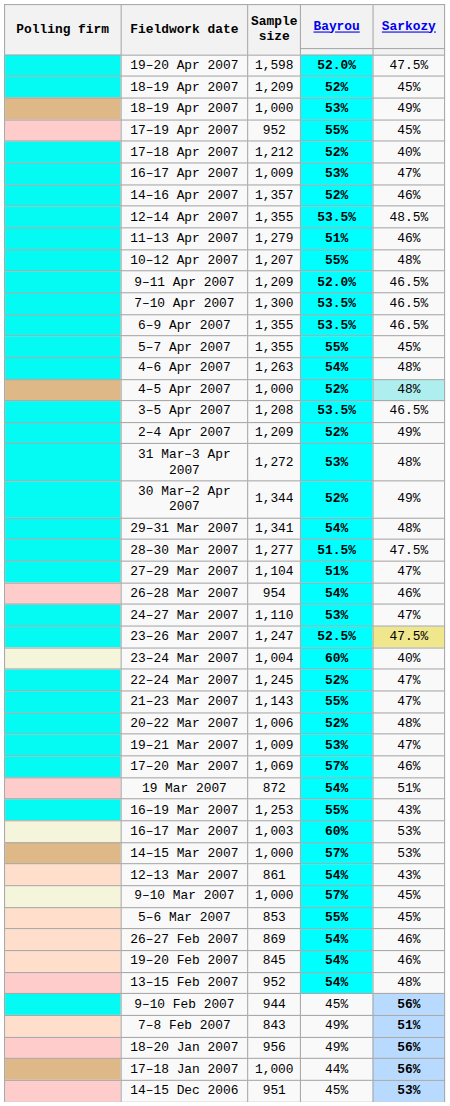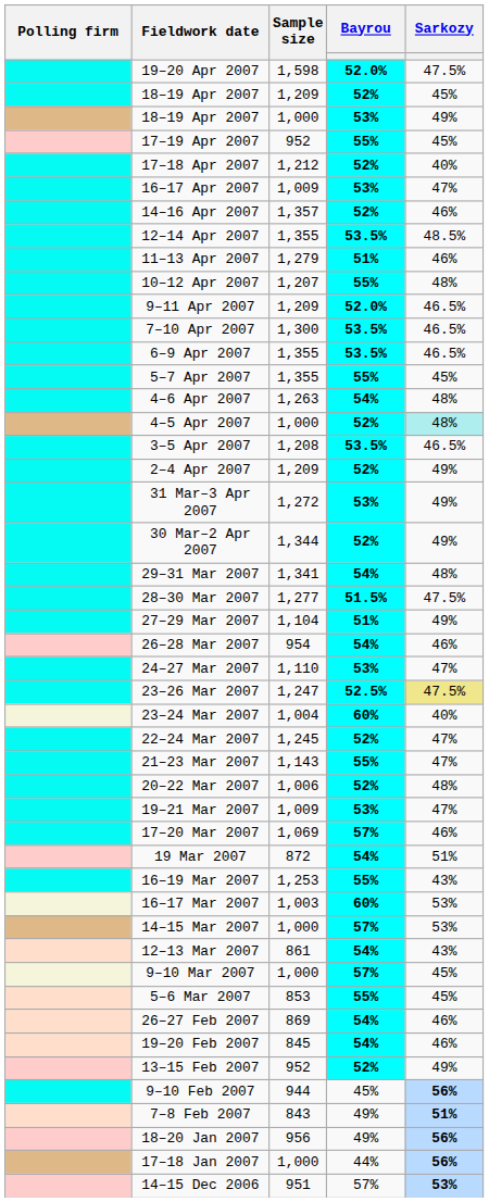 <table class="wikitable sortable" style="text-align:center;font-size:90%;line-height:14px;">
 <tr style="height:40px;">
 <th style="width:100px;" rowspan="2">Polling firm</th>
 <th style="width:110px;" rowspan="2">Fieldwork date</th>
 <th style="width:35px;" rowspan="2">Sample<br>size</th>
 <th class="unsortable" style="width:60px;"><a href='#'>Bayrou</a><br></th>
 <th class="unsortable" style="width:60px;"><a href='#'>Sarkozy</a><br></th>
 </tr>
 <tr>
 <th style="background:"></th>
 <th style="background:"></th>
 </tr>
 <tr>
 <td style="background:#04FBF4;"></td>
 <td data-sort-value="2007-04-20">19–20 Apr 2007</td>
 <td>1,598</td>
 <td style="background:#00FFFF;"><strong>52.0%</strong></td>
 <td>47.5%</td>
 </tr>
 <tr>
 <td style="background:#04FBF4;"></td>
 <td data-sort-value="2007-04-19">18–19 Apr 2007</td>
 <td>1,209</td>
 <td style="background:#00FFFF;"><strong>52%</strong></td>
 <td>45%</td>
 </tr>
 <tr>
 <td style="background:burlywood;"></td>
 <td data-sort-value="2007-04-19">18–19 Apr 2007</td>
 <td>1,000</td>
 <td style="background:#00FFFF;"><strong>53%</strong></td>
 <td>49%</td>
 </tr>
 <tr>
 <td style="background:#FFCCCC;"></td>
 <td data-sort-value="2007-04-19">17–19 Apr 2007</td>
 <td>952</td>
 <td style="background:#00FFFF;"><strong>55%</strong></td>
 <td>45%</td>
 </tr>
 <tr>
 <td style="background:#04FBF4;"></td>
 <td data-sort-value="2007-04-18">17–18 Apr 2007</td>
 <td>1,212</td>
 <td style="background:#00FFFF;"><strong>52%</strong></td>
 <td>40%</td>
 </tr>
 <tr>
 <td style="background:#04FBF4;"></td>
 <td data-sort-value="2007-04-17">16–17 Apr 2007</td>
 <td>1,009</td>
 <td style="background:#00FFFF;"><strong>53%</strong></td>
 <td>47%</td>
 </tr>
 <tr>
 <td style="background:#04FBF4;"></td>
 <td data-sort-value="2007-04-16">14–16 Apr 2007</td>
 <td>1,357</td>
 <td style="background:#00FFFF;"><strong>52%</strong></td>
 <td>46%</td>
 </tr>
 <tr>
 <td style="background:#04FBF4;"></td>
 <td data-sort-value="2007-04-14">12–14 Apr 2007</td>
 <td>1,355</td>
 <td style="background:#00FFFF;"><strong>53.5%</strong></td>
 <td>48.5%</td>
 </tr>
 <tr>
 <td style="background:#04FBF4;"></td>
 <td data-sort-value="2007-04-13">11–13 Apr 2007</td>
 <td>1,279</td>
 <td style="background:#00FFFF;"><strong>51%</strong></td>
 <td>46%</td>
 </tr>
 <tr>
 <td style="background:#04FBF4;"></td>
 <td data-sort-value="2007-04-12">10–12 Apr 2007</td>
 <td>1,207</td>
 <td style="background:#00FFFF;"><strong>55%</strong></td>
 <td>48%</td>
 </tr>
 <tr>
 <td style="background:#04FBF4;"></td>
 <td data-sort-value="2007-04-11">9–11 Apr 2007</td>
 <td>1,209</td>
 <td style="background:#00FFFF;"><strong>52.0%</strong></td>
 <td>46.5%</td>
 </tr>
 <tr>
 <td style="background:#04FBF4;"></td>
 <td data-sort-value="2007-04-10">7–10 Apr 2007</td>
 <td>1,300</td>
 <td style="background:#00FFFF;"><strong>53.5%</strong></td>
 <td>46.5%</td>
 </tr>
 <tr>
 <td style="background:#04FBF4;"></td>
 <td data-sort-value="2007-04-09">6–9 Apr 2007</td>
 <td>1,355</td>
 <td style="background:#00FFFF;"><strong>53.5%</strong></td>
 <td>46.5%</td>
 </tr>
 <tr>
 <td style="background:#04FBF4;"></td>
 <td data-sort-value="2007-04-07">5–7 Apr 2007</td>
 <td>1,355</td>
 <td style="background:#00FFFF;"><strong>55%</strong></td>
 <td>45%</td>
 </tr>
 <tr>
 <td style="background:#04FBF4;"></td>
 <td data-sort-value="2007-04-06">4–6 Apr 2007</td>
 <td>1,263</td>
 <td style="background:#00FFFF;"><strong>54%</strong></td>
 <td>48%</td>
 </tr>
 <tr>
 <td style="background:burlywood;"></td>
 <td data-sort-value="2007-04-05">4–5 Apr 2007</td>
 <td>1,000</td>
 <td style="background:#00FFFF;"><strong>52%</strong></td>
 <td style="background: paleturquoise;">48%</td>
 </tr>
 <tr>
 <td style="background:#04FBF4;"></td>
 <td data-sort-value="2007-04-05">3–5 Apr 2007</td>
 <td>1,208</td>
 <td style="background:#00FFFF;"><strong>53.5%</strong></td>
 <td>46.5%</td>
 </tr>
 <tr>
 <td style="background:#04FBF4;"></td>
 <td data-sort-value="2007-04-04">2–4 Apr 2007</td>
 <td>1,209</td>
 <td style="background:#00FFFF;"><strong>52%</strong></td>
 <td>49%</td>
 </tr>
 <tr>
 <td style="background:#04FBF4;"></td>
 <td data-sort-value="2007-04-03">31 Mar–3 Apr 2007</td>
 <td>1,272</td>
 <td style="background:#00FFFF;"><strong>53%</strong></td>
-<td>48%</td>
+<td>49%</td>
 </tr>
 <tr>
 <td style="background:#04FBF4;"></td>
 <td data-sort-value="2007-04-02">30 Mar–2 Apr 2007</td>
 <td>1,344</td>
 <td style="background:#00FFFF;"><strong>52%</strong></td>
 <td>49%</td>
 </tr>
 <tr>
 <td style="background:#04FBF4;"></td>
 <td data-sort-value="2007-03-31">29–31 Mar 2007</td>
 <td>1,341</td>
 <td style="background:#00FFFF;"><strong>54%</strong></td>
 <td>48%</td>
 </tr>
 <tr>
 <td style="background:#04FBF4;"></td>
 <td data-sort-value="2007-03-30">28–30 Mar 2007</td>
 <td>1,277</td>
 <td style="background:#00FFFF;"><strong>51.5%</strong></td>
 <td>47.5%</td>
 </tr>
 <tr>
 <td style="background:#04FBF4;"></td>
 <td data-sort-value="2007-03-29">27–29 Mar 2007</td>
 <td>1,104</td>
 <td style="background:#00FFFF;"><strong>51%</strong></td>
-<td>47%</td>
+<td>49%</td>
 </tr>
 <tr>
 <td style="background:#FFCCCC;"></td>
 <td data-sort-value="2007-03-28">26–28 Mar 2007</td>
 <td>954</td>
 <td style="background:#00FFFF;"><strong>54%</strong></td>
 <td>46%</td>
 </tr>
 <tr>
 <td style="background:#04FBF4;"> </td>
 <td data-sort-value="2007-03-27">24–27 Mar 2007</td>
 <td>1,110</td>
 <td style="background:#00FFFF;"><strong>53%</strong></td>
 <td>47%</td>
 </tr>
 <tr>
 <td style="background:#04FBF4;"></td>
 <td data-sort-value="2007-03-26">23–26 Mar 2007</td>
 <td>1,247</td>
 <td style="background:#00FFFF;"><strong>52.5%</strong></td>
 <td style="background: khaki;">47.5%</td>
 </tr>
 <tr>
 <td style="background:beige;"></td>
 <td data-sort-value="2007-03-24">23–24 Mar 2007</td>
 <td>1,004</td>
 <td style="background:#00FFFF;"><strong>60%</strong></td>
 <td>40%</td>
 </tr>
 <tr>
 <td style="background:#04FBF4;"></td>
 <td data-sort-value="2007-03-24">22–24 Mar 2007</td>
 <td>1,245</td>
 <td style="background:#00FFFF;"><strong>52%</strong></td>
 <td>47%</td>
 </tr>
 <tr>
 <td style="background:#04FBF4;"></td>
 <td data-sort-value="2007-03-23">21–23 Mar 2007</td>
 <td>1,143</td>
 <td style="background:#00FFFF;"><strong>55%</strong></td>
 <td>47%</td>
 </tr>
 <tr>
 <td style="background:#04FBF4;"></td>
 <td data-sort-value="2007-03-22">20–22 Mar 2007</td>
 <td>1,006</td>
 <td style="background:#00FFFF;"><strong>52%</strong></td>
 <td>48%</td>
 </tr>
 <tr>
 <td style="background:#04FBF4;"></td>
 <td data-sort-value="2007-03-21">19–21 Mar 2007</td>
 <td>1,009</td>
 <td style="background:#00FFFF;"><strong>53%</strong></td>
 <td>47%</td>
 </tr>
 <tr>
 <td style="background:#04FBF4;"></td>
 <td data-sort-value="2007-03-20">17–20 Mar 2007</td>
 <td>1,069</td>
 <td style="background:#00FFFF;"><strong>57%</strong></td>
 <td>46%</td>
 </tr>
 <tr>
 <td style="background:#FFCCCC;"></td>
 <td data-sort-value="2007-03-19">19 Mar 2007</td>
 <td>872</td>
 <td style="background:#00FFFF;"><strong>54%</strong></td>
 <td>51%</td>
 </tr>
 <tr>
 <td style="background:#04FBF4;"></td>
 <td data-sort-value="2007-03-19">16–19 Mar 2007</td>
 <td>1,253</td>
 <td style="background:#00FFFF;"><strong>55%</strong></td>
 <td>43%</td>
 </tr>
 <tr>
 <td style="background:beige;"></td>
 <td data-sort-value="2007-03-17">16–17 Mar 2007</td>
 <td>1,003</td>
 <td style="background:#00FFFF;"><strong>60%</strong></td>
 <td>53%</td>
 </tr>
 <tr>
 <td style="background:burlywood;"></td>
 <td data-sort-value="2007-03-15">14–15 Mar 2007</td>
 <td>1,000</td>
 <td style="background:#00FFFF;"><strong>57%</strong></td>
 <td>53%</td>
 </tr>
 <tr>
 <td style="background:#FFDFCC;"></td>
 <td data-sort-value="2007-03-13">12–13 Mar 2007</td>
 <td>861</td>
 <td style="background:#00FFFF;"><strong>54%</strong></td>
 <td>43%</td>
 </tr>
 <tr>
 <td style="background:beige;"></td>
 <td data-sort-value="2007-03-10">9–10 Mar 2007</td>
 <td>1,000</td>
 <td style="background:#00FFFF;"><strong>57%</strong></td>
 <td>45%</td>
 </tr>
 <tr>
 <td style="background:#FFDFCC;"></td>
 <td data-sort-value="2007-03-06">5–6 Mar 2007</td>
 <td>853</td>
 <td style="background:#00FFFF;"><strong>55%</strong></td>
 <td>45%</td>
 </tr>
 <tr>
 <td style="background:#FFDFCC;"></td>
 <td data-sort-value="2007-02-27">26–27 Feb 2007</td>
 <td>869</td>
 <td style="background:#00FFFF;"><strong>54%</strong></td>
 <td>46%</td>
 </tr>
 <tr>
 <td style="background:#FFDFCC;"></td>
 <td data-sort-value="2007-02-20">19–20 Feb 2007</td>
 <td>845</td>
 <td style="background:#00FFFF;"><strong>54%</strong></td>
 <td>46%</td>
 </tr>
 <tr>
 <td style="background:#FFCCCC;"></td>
 <td data-sort-value="2007-02-15">13–15 Feb 2007</td>
 <td>952</td>
-<td style="background:#00FFFF;"><strong>54%</strong></td>
-<td>48%</td>
+<td style="background:#00FFFF;"><strong>52%</strong></td>
+<td>49%</td>
 </tr>
 <tr>
 <td style="background:#04FBF4;"></td>
 <td data-sort-value="2007-02-10">9–10 Feb 2007</td>
 <td>944</td>
 <td>45%</td>
 <td style="background:#B9DAFF;"><strong>56%</strong></td>
 </tr>
 <tr>
 <td style="background:#FFDFCC;"></td>
 <td data-sort-value="2007-02-08">7–8 Feb 2007</td>
 <td>843</td>
 <td>49%</td>
 <td style="background:#B9DAFF;"><strong>51%</strong></td>
 </tr>
 <tr>
 <td style="background:#FFCCCC;"></td>
 <td data-sort-value="2007-01-20">18–20 Jan 2007</td>
 <td>956</td>
 <td>49%</td>
 <td style="background:#B9DAFF;"><strong>56%</strong></td>
 </tr>
 <tr>
 <td style="background:burlywood;"></td>
 <td data-sort-value="2007-01-18">17–18 Jan 2007</td>
 <td>1,000</td>
 <td>44%</td>
 <td style="background:#B9DAFF;"><strong>56%</strong></td>
 </tr>
 <tr>
 <td style="background:#FFCCCC;"></td>
 <td data-sort-value="2006-12-15">14–15 Dec 2006</td>
 <td>951</td>
-<td>45%</td>
+<td>57%</td>
 <td style="background:#B9DAFF;"><strong>53%</strong></td>
 </tr>
 </table>
